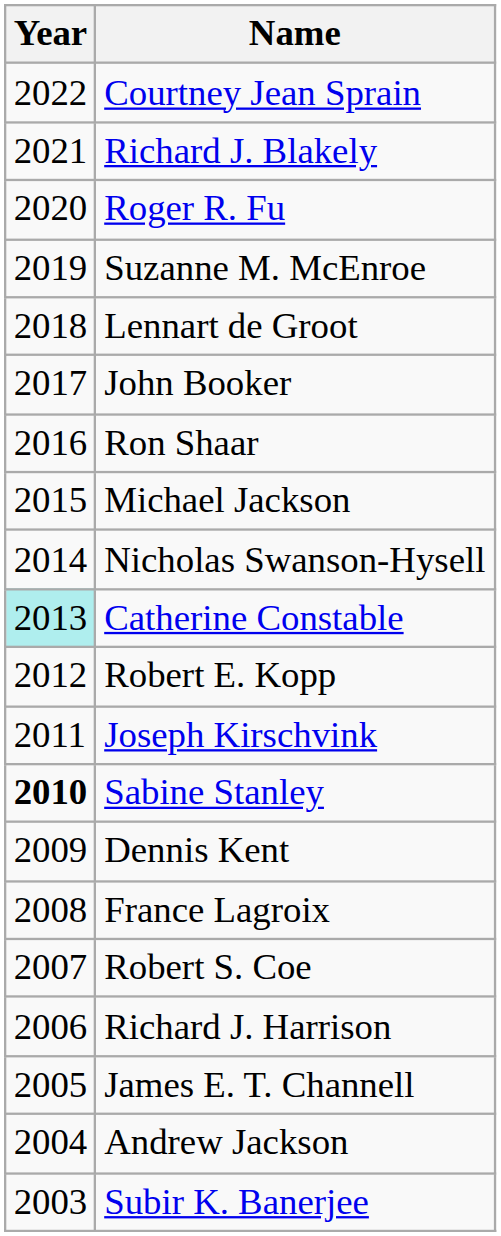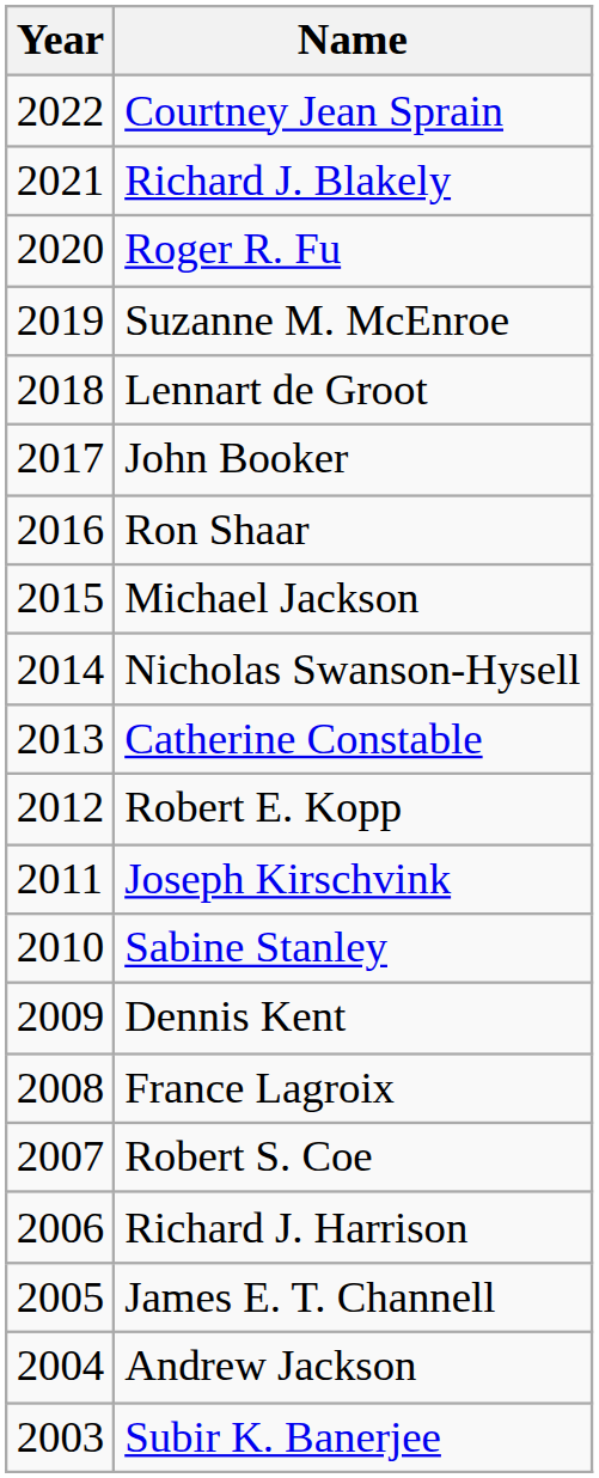 <table class="wikitable" align=center>
 <tr>
 <th>Year</th>
 <th>Name</th>
 </tr>
 <tr>
 <td>2022</td>
 <td><a href='#'>Courtney Jean Sprain</a></td>
 </tr>
 <tr>
 <td>2021</td>
 <td><a href='#'>Richard J. Blakely</a></td>
 </tr>
 <tr>
 <td>2020</td>
 <td><a href='#'>Roger R. Fu</a></td>
 </tr>
 <tr>
 <td>2019</td>
 <td>Suzanne M. McEnroe</td>
 </tr>
 <tr>
 <td>2018</td>
 <td>Lennart de Groot</td>
 </tr>
 <tr>
 <td>2017</td>
 <td>John Booker</td>
 </tr>
 <tr>
 <td>2016</td>
 <td>Ron Shaar</td>
 </tr>
 <tr>
 <td>2015</td>
 <td>Michael Jackson</td>
 </tr>
 <tr>
 <td>2014</td>
 <td>Nicholas Swanson-Hysell</td>
 </tr>
 <tr>
-<td style="background: paleturquoise;">2013</td>
+<td>2013</td>
 <td><a href='#'>Catherine Constable</a></td>
 </tr>
 <tr>
 <td>2012</td>
 <td>Robert E. Kopp</td>
 </tr>
 <tr>
 <td>2011</td>
 <td><a href='#'>Joseph Kirschvink</a></td>
 </tr>
 <tr>
-<td><strong>2010</strong></td>
+<td>2010</td>
 <td><a href='#'>Sabine Stanley</a></td>
 </tr>
 <tr>
 <td>2009</td>
 <td>Dennis Kent</td>
 </tr>
 <tr>
 <td>2008</td>
 <td>France Lagroix</td>
 </tr>
 <tr>
 <td>2007</td>
 <td>Robert S. Coe</td>
 </tr>
 <tr>
 <td>2006</td>
 <td>Richard J. Harrison</td>
 </tr>
 <tr>
 <td>2005</td>
 <td>James E. T. Channell</td>
 </tr>
 <tr>
 <td>2004</td>
 <td>Andrew Jackson</td>
 </tr>
 <tr>
 <td>2003</td>
 <td><a href='#'>Subir K. Banerjee</a></td>
 </tr>
 <tr>
 </tr>
 </table>
